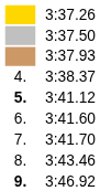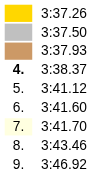 <table style="text-align:center">
 <tr>
 <td width=30 bgcolor=gold></td>
 <td align=left></td>
 <td width=60>3:37.26</td>
 </tr>
 <tr>
 <td bgcolor=silver></td>
 <td align=left></td>
 <td>3:37.50</td>
 </tr>
 <tr>
 <td bgcolor=cc9966></td>
 <td align=left></td>
 <td>3:37.93</td>
 </tr>
 <tr>
-<td>4.</td>
+<td><strong>4.</strong></td>
 <td align=left></td>
 <td>3:38.37</td>
 </tr>
 <tr>
-<td><strong>5.</strong></td>
+<td>5.</td>
 <td align=left></td>
 <td>3:41.12</td>
 </tr>
 <tr>
 <td>6.</td>
 <td align=left></td>
 <td>3:41.60</td>
 </tr>
 <tr>
-<td>7.</td>
+<td style="background: lightyellow;">7.</td>
 <td align=left></td>
 <td>3:41.70</td>
 </tr>
 <tr>
 <td>8.</td>
 <td align=left></td>
 <td>3:43.46</td>
 </tr>
 <tr>
-<td><strong>9.</strong></td>
+<td>9.</td>
 <td align=left></td>
 <td>3:46.92</td>
 </tr>
 </table>
